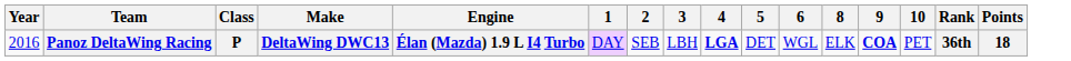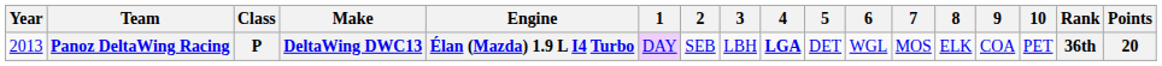 <table class="wikitable" style="text-align:center; font-size:85%">
 <tr>
 <th>Year</th>
 <th>Team</th>
 <th>Class</th>
 <th>Make</th>
 <th>Engine</th>
 <th>1</th>
 <th>2</th>
 <th>3</th>
 <th>4</th>
 <th>5</th>
 <th>6</th>
+<th>7</th>
 <th>8</th>
 <th>9</th>
 <th>10</th>
 <th>Rank</th>
 <th>Points</th>
 </tr>
 <tr>
-<td><a href='#'>2016</a></td>
+<td><a href='#'>2013</a></td>
 <th nowrap><a href='#'>Panoz DeltaWing Racing</a></th>
 <th>P</th>
 <th nowrap><a href='#'>DeltaWing DWC13</a></th>
 <th nowrap><a href='#'>Élan</a> (<a href='#'>Mazda</a>) 1.9 L <a href='#'>I4</a> <a href='#'>Turbo</a></th>
 <td style="background:#EFCFFF;"><a href='#'>DAY</a><br></td>
 <td><a href='#'>SEB</a><br></td>
 <td><a href='#'>LBH</a><br></td>
 <td><strong><a href='#'>LGA</a><br></strong></td>
 <td><a href='#'>DET</a><br></td>
 <td><a href='#'>WGL</a><br></td>
+<td><a href='#'>MOS</a><br></td>
 <td><a href='#'>ELK</a><br></td>
-<td><strong><a href='#'>COA</a><br></strong></td>
+<td><a href='#'>COA</a><br></td>
 <td><a href='#'>PET</a><br></td>
 <th>36th</th>
-<th>18</th>
+<th>20</th>
 </tr>
 </table>
